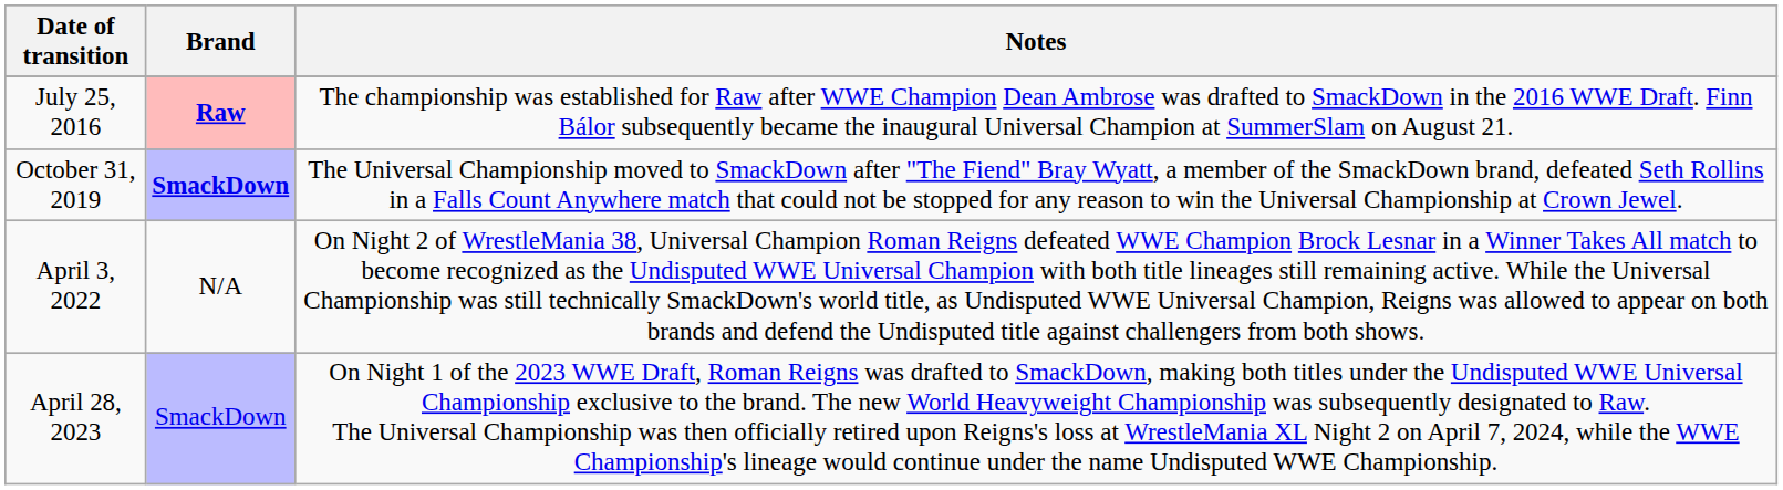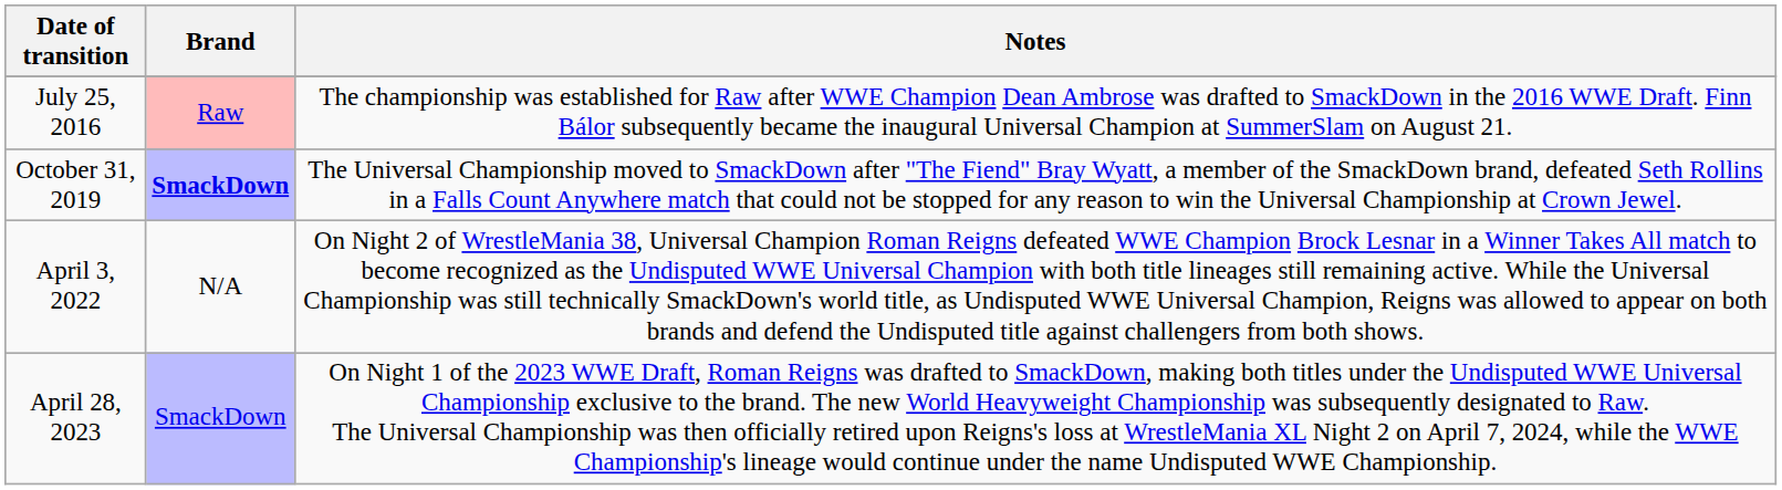 <table class="wikitable" style="font-size:85%; text-align:center; width:75%;">
 <tr>
 <th>Date of transition</th>
 <th>Brand</th>
 <th>Notes</th>
 </tr>
 <tr>
 </tr>
 <tr>
 <td>July 25, 2016</td>
-<td style="background:#fbb;"><strong><a href='#'>Raw</a></strong></td>
+<td style="background:#fbb;"><a href='#'>Raw</a></td>
 <td>The championship was established for <a href='#'>Raw</a> after <a href='#'>WWE Champion</a> <a href='#'>Dean Ambrose</a> was drafted to <a href='#'>SmackDown</a> in the <a href='#'>2016 WWE Draft</a>. <a href='#'>Finn Bálor</a> subsequently became the inaugural Universal Champion at <a href='#'>SummerSlam</a> on August 21.</td>
 </tr>
 <tr>
 <td>October 31, 2019</td>
 <td style="background:#bbf;"><strong><a href='#'>SmackDown</a></strong></td>
 <td>The Universal Championship moved to <a href='#'>SmackDown</a> after <a href='#'>"The Fiend" Bray Wyatt</a>, a member of the SmackDown brand, defeated <a href='#'>Seth Rollins</a> in a <a href='#'>Falls Count Anywhere match</a> that could not be stopped for any reason to win the Universal Championship at <a href='#'>Crown Jewel</a>.</td>
 </tr>
 <tr>
 <td>April 3, 2022</td>
 <td>N/A</td>
 <td>On Night 2 of <a href='#'>WrestleMania 38</a>, Universal Champion <a href='#'>Roman Reigns</a> defeated <a href='#'>WWE Champion</a> <a href='#'>Brock Lesnar</a> in a <a href='#'>Winner Takes All match</a> to become recognized as the <a href='#'>Undisputed WWE Universal Champion</a> with both title lineages still remaining active. While the Universal Championship was still technically SmackDown's world title, as Undisputed WWE Universal Champion, Reigns was allowed to appear on both brands and defend the Undisputed title against challengers from both shows.</td>
 </tr>
 <tr>
 <td>April 28, 2023</td>
 <td style="background:#bbf;"><a href='#'>SmackDown</a></td>
 <td>On Night 1 of the <a href='#'>2023 WWE Draft</a>, <a href='#'>Roman Reigns</a> was drafted to <a href='#'>SmackDown</a>, making both titles under the <a href='#'>Undisputed WWE Universal Championship</a> exclusive to the brand. The new <a href='#'>World Heavyweight Championship</a> was subsequently designated to <a href='#'>Raw</a>.<br>The Universal Championship was then officially retired upon Reigns's loss at <a href='#'>WrestleMania XL</a> Night 2 on April 7, 2024, while the <a href='#'>WWE Championship</a>'s lineage would continue under the name Undisputed WWE Championship.</td>
 </tr>
 </table>
